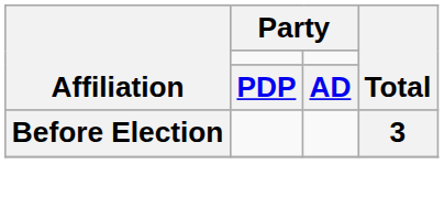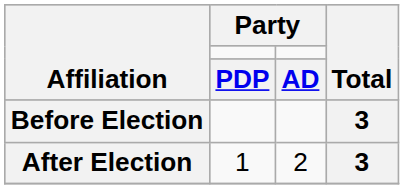 <table class=wikitable style="text-align:center">
 <tr style="vertical-align:bottom;">
 <th rowspan=3>Affiliation</th>
 <th colspan=2>Party</th>
 <th rowspan=3>Total</th>
 </tr>
 <tr>
 <td style="background-color:"></td>
 <td style="background-color:"></td>
 </tr>
 <tr>
 <th><a href='#'>PDP</a></th>
 <th><a href='#'>AD</a></th>
 </tr>
 <tr>
 <th>Before Election</th>
 <td></td>
 <td></td>
 <th>3</th>
 </tr>
 <tr>
+<th>After Election</th>
+<td>1</td>
+<td>2</td>
+<th>3</th>
+</tr>
+<tr>
 </tr>
 </table>
